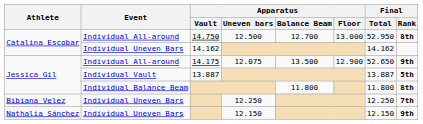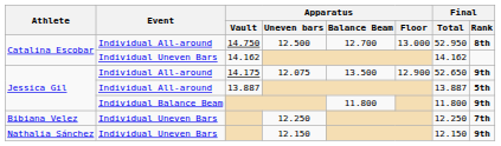 <table class="wikitable" style="font-size:90%">
 <tr>
 <th rowspan="2">Athlete</th>
 <th rowspan="2">Event</th>
 <th colspan = "4">Apparatus</th>
 <th colspan = "2">Final</th>
 </tr>
 <tr>
 <th>Vault</th>
 <th>Uneven bars</th>
 <th>Balance Beam</th>
 <th>Floor</th>
 <th>Total</th>
 <th>Rank</th>
 </tr>
 <tr>
 <td rowspan=2><a href='#'>Catalina Escobar</a></td>
 <td><a href='#'>Individual All-around</a></td>
 <td align=center><u>14.750</u></td>
 <td align=center>12.500</td>
 <td align=center>12.700</td>
 <td align=center>13.000</td>
 <td align=center>52.950</td>
 <td align=center><strong>8th</strong></td>
 </tr>
 <tr>
 <td><a href='#'>Individual Uneven Bars</a></td>
 <td align=center>14.162</td>
 <td align=center colspan=3 bgcolor=wheat></td>
 <td align=center>14.162</td>
 <td align=center></td>
 </tr>
 <tr>
 <td rowspan=3><a href='#'>Jessica Gil</a></td>
 <td><a href='#'>Individual All-around</a></td>
 <td align=center><u>14.175</u></td>
 <td align=center>12.075</td>
 <td align=center>13.500</td>
 <td align=center>12.900</td>
 <td align=center>52.650</td>
 <td align=center><strong>9th</strong></td>
 </tr>
 <tr>
-<td><a href='#'>Individual Vault</a></td>
+<td><a href='#'>Individual All-around</a></td>
 <td align=center>13.887</td>
 <td align=center colspan=3 bgcolor=wheat></td>
 <td align=center>13.887</td>
 <td align=center><strong>5th</strong></td>
 </tr>
 <tr>
 <td><a href='#'>Individual Balance Beam</a></td>
 <td align=center colspan=2 bgcolor=wheat></td>
 <td align=center>11.800</td>
 <td align=center bgcolor=wheat></td>
 <td align=center>11.800</td>
-<td align=center><strong>8th</strong></td>
+<td align=center><strong>9th</strong></td>
 </tr>
 <tr>
 <td><a href='#'>Bibiana Velez</a></td>
 <td><a href='#'>Individual Uneven Bars</a></td>
 <td align=center bgcolor=wheat></td>
 <td align=center>12.250</td>
 <td align=center colspan=2 bgcolor=wheat></td>
 <td align=center>12.250</td>
 <td align=center><strong>7th</strong></td>
 </tr>
 <tr>
 <td><a href='#'>Nathalia Sánchez</a></td>
 <td><a href='#'>Individual Uneven Bars</a></td>
 <td align=center bgcolor=wheat></td>
 <td align=center>12.150</td>
 <td align=center colspan=2 bgcolor=wheat></td>
 <td align=center>12.150</td>
 <td align=center><strong>9th</strong></td>
 </tr>
 </table>
